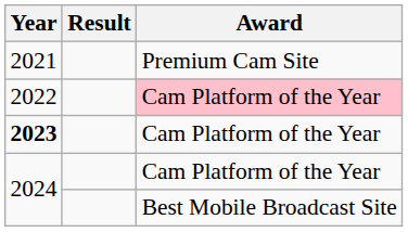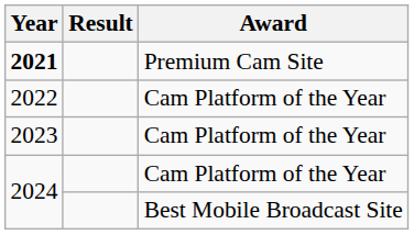 <table class="wikitable">
 <tr>
 <th>Year</th>
 <th>Result</th>
 <th>Award</th>
 </tr>
 <tr>
-<td>2021</td>
+<td><strong>2021</strong></td>
 <td></td>
 <td>Premium Cam Site</td>
 </tr>
 <tr>
 <td>2022</td>
 <td></td>
-<td style="background: pink;">Cam Platform of the Year</td>
+<td>Cam Platform of the Year</td>
 </tr>
 <tr>
-<td><strong>2023</strong></td>
+<td>2023</td>
 <td></td>
 <td>Cam Platform of the Year</td>
 </tr>
 <tr>
 <td rowspan="2">2024</td>
 <td></td>
 <td>Cam Platform of the Year</td>
 </tr>
 <tr>
 <td></td>
 <td>Best Mobile Broadcast Site</td>
 </tr>
 </table>
